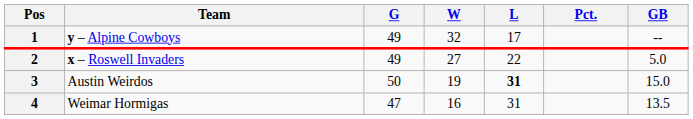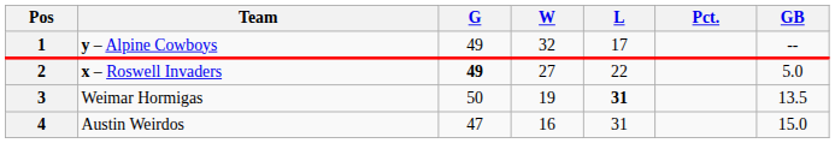 <table class="wikitable plainrowheaders" width="90%" style="text-align:center;">
 <tr>
 <th scope="col" width="5%">Pos</th>
 <th scope="col" width="25%">Team</th>
 <th scope="col" width="5%"><a href='#'>G</a></th>
 <th scope="col" width="5%"><a href='#'>W</a></th>
 <th scope="col" width="5%"><a href='#'>L</a></th>
 <th scope="col" width="7%"><a href='#'>Pct.</a></th>
 <th scope="col" width="5%"><a href='#'>GB</a></th>
 </tr>
 <tr>
 <th>1</th>
 <td style="text-align:left;"><strong>y</strong> – <a href='#'>Alpine Cowboys</a></td>
 <td>49</td>
 <td>32</td>
 <td>17</td>
 <td></td>
 <td>--</td>
 </tr>
 <tr>
 </tr>
 <tr |- style="border-top:3px solid red;">
 <th>2</th>
 <td style="text-align:left;"><strong>x</strong> – <a href='#'>Roswell Invaders</a></td>
-<td>49</td>
+<td><strong>49</strong></td>
 <td>27</td>
 <td>22</td>
 <td></td>
 <td>5.0</td>
 </tr>
 <tr>
 <th>3</th>
-<td style="text-align:left;">Austin Weirdos</td>
+<td style="text-align:left;">Weimar Hormigas</td>
 <td>50</td>
 <td>19</td>
 <td><strong>31</strong></td>
 <td></td>
-<td>15.0</td>
+<td>13.5</td>
 </tr>
 <tr>
 <th>4</th>
-<td style="text-align:left;">Weimar Hormigas</td>
+<td style="text-align:left;">Austin Weirdos</td>
 <td>47</td>
 <td>16</td>
 <td>31</td>
 <td></td>
-<td>13.5</td>
+<td>15.0</td>
 </tr>
 </table>
